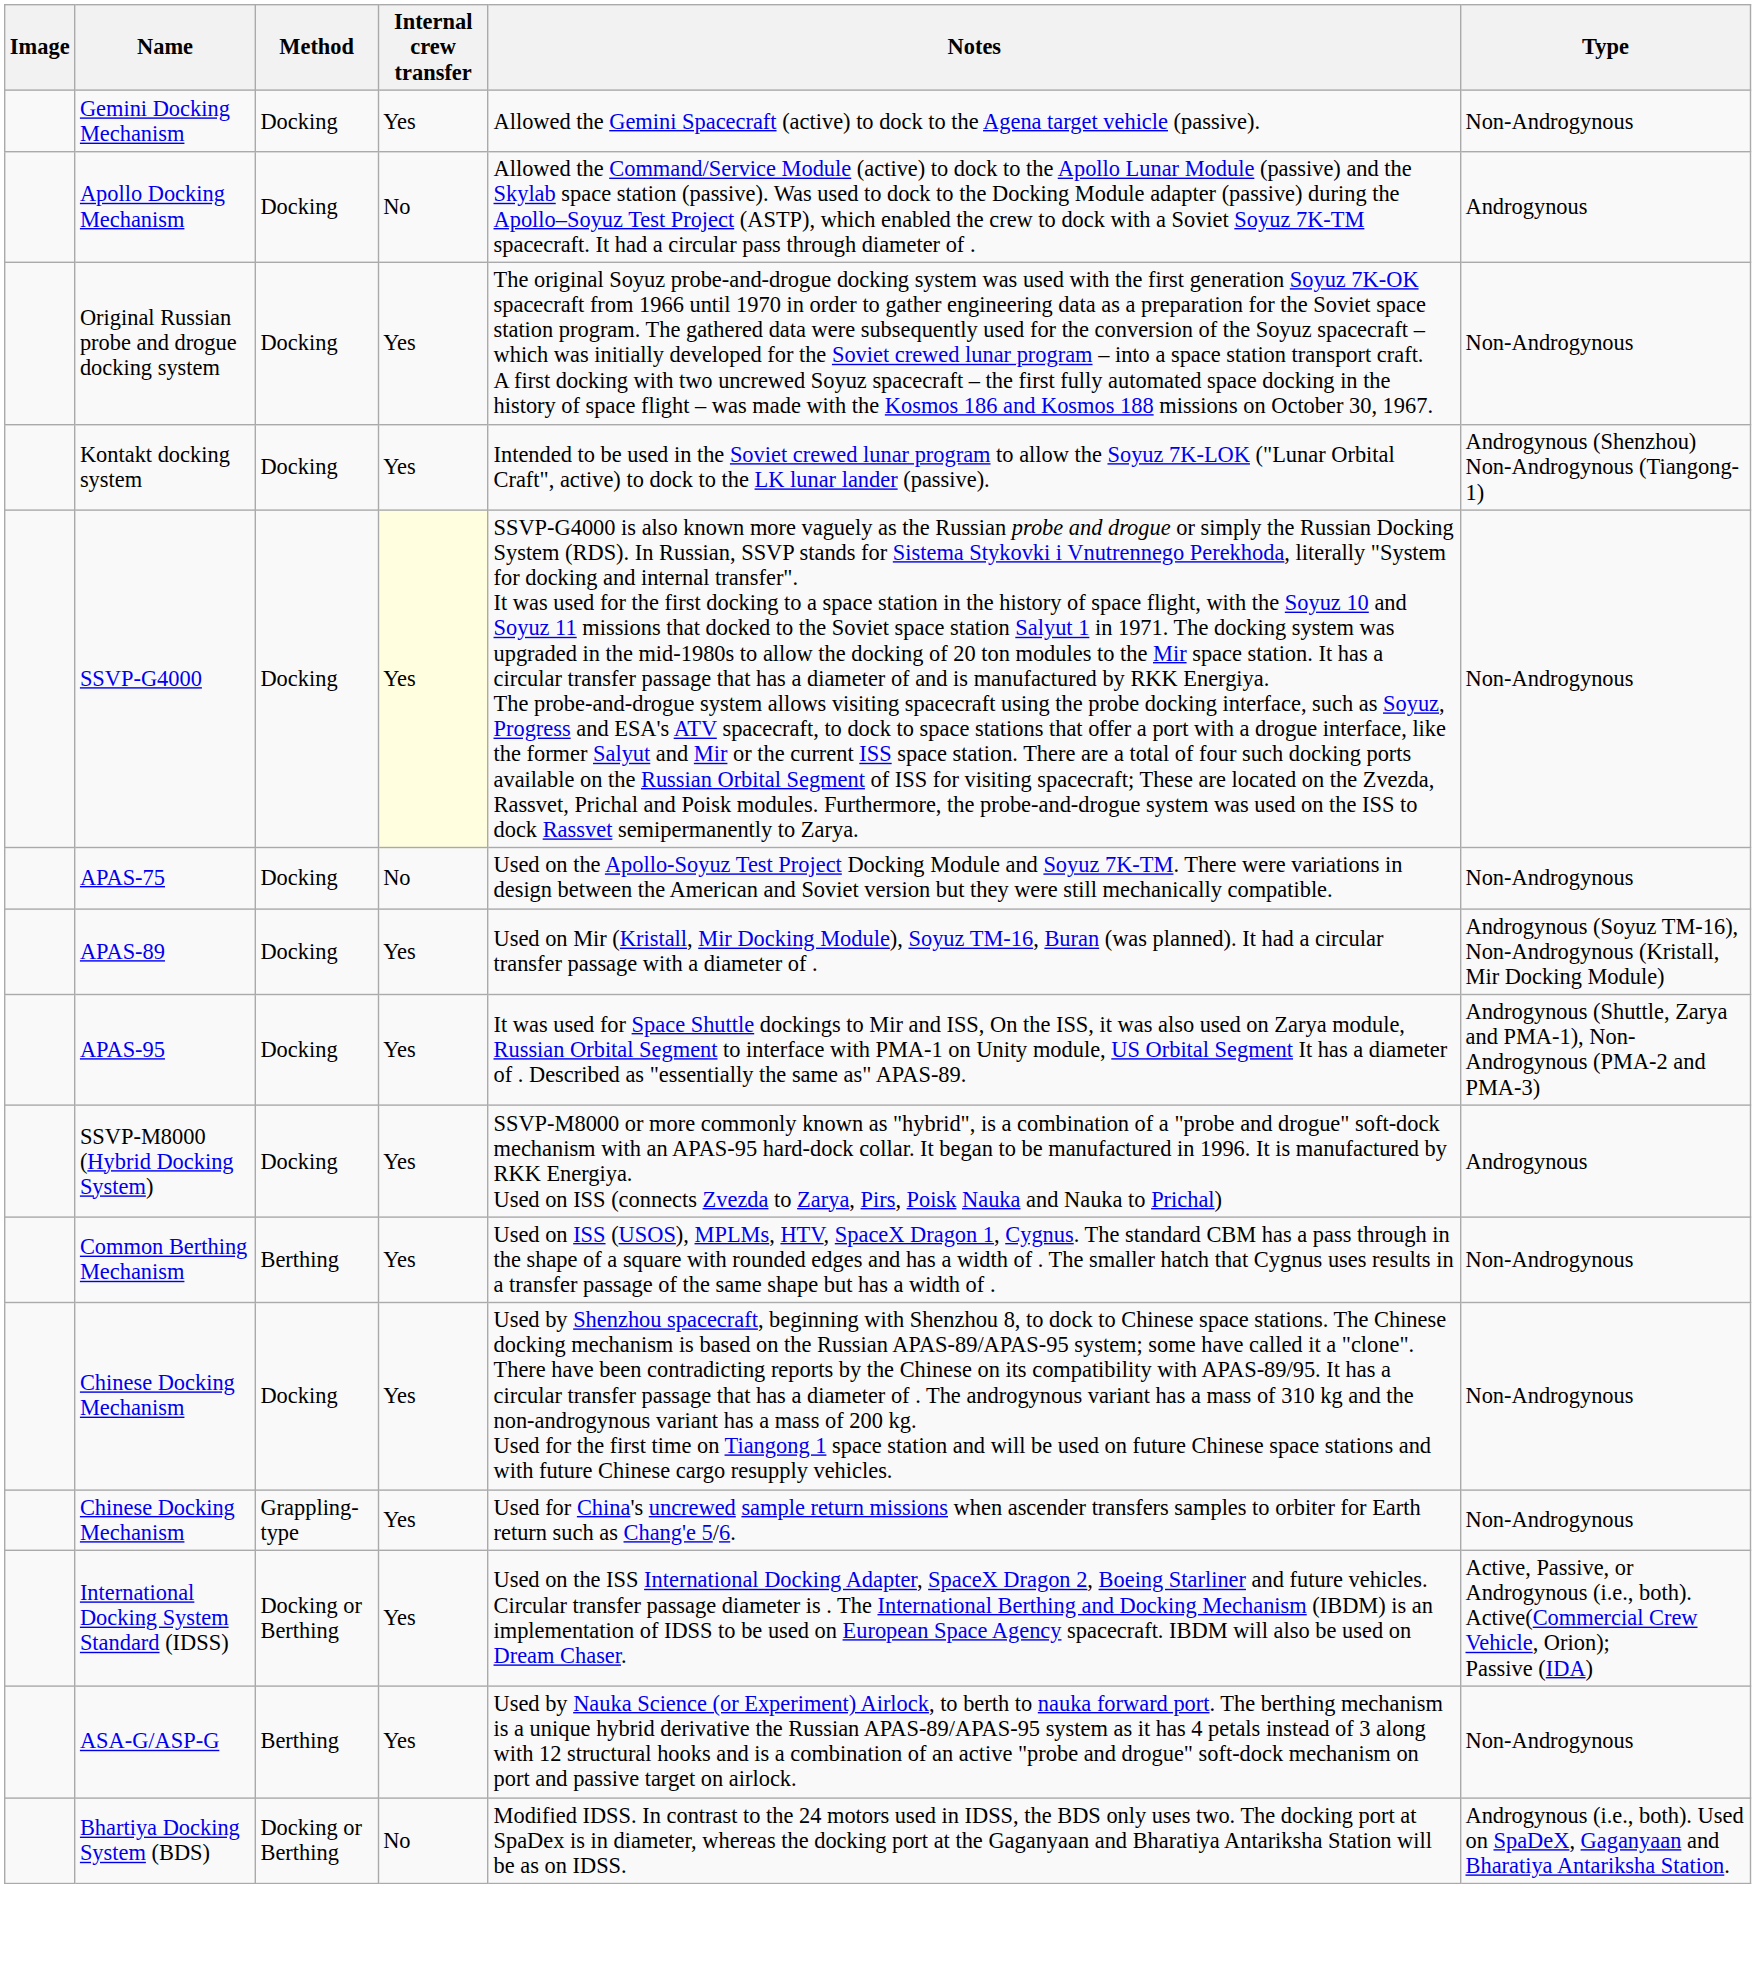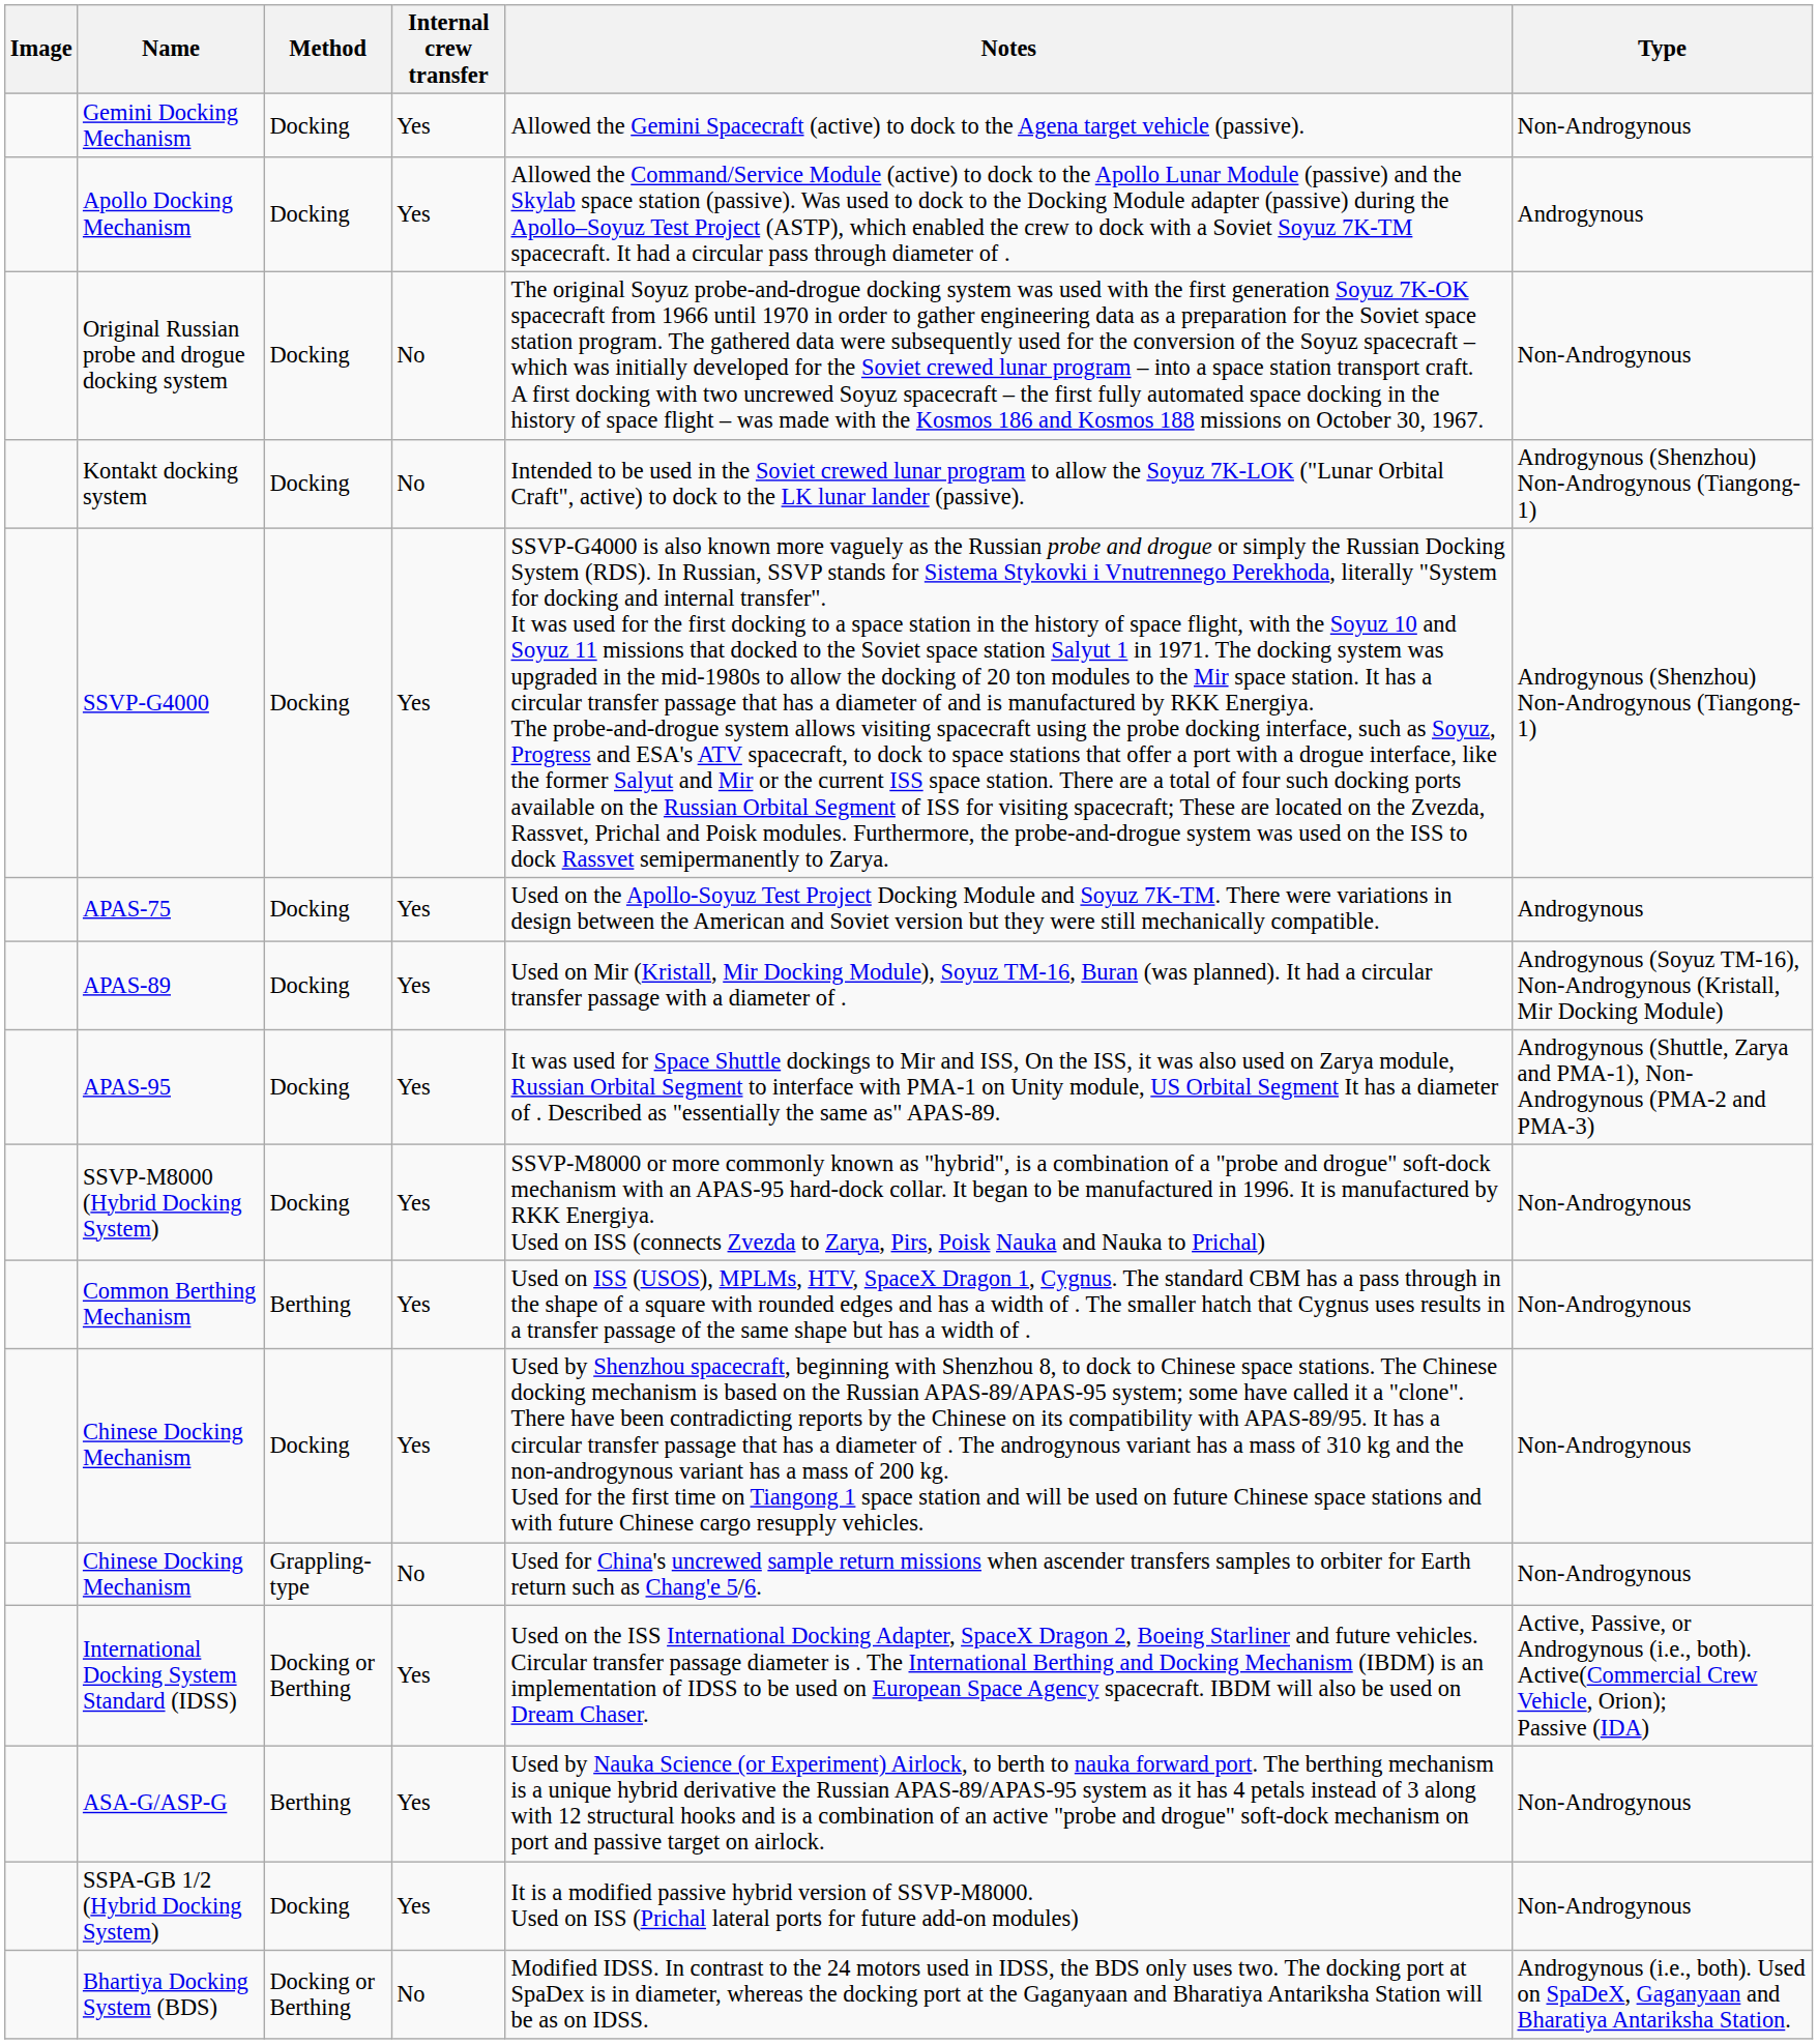 <table class="wikitable">
 <tr>
 <th>Image</th>
 <th>Name</th>
 <th>Method</th>
 <th>Internal crew transfer</th>
 <th>Notes</th>
 <th>Type</th>
 </tr>
 <tr>
 <td></td>
 <td><a href='#'>Gemini Docking Mechanism</a></td>
 <td>Docking</td>
 <td>Yes</td>
 <td>Allowed the <a href='#'>Gemini Spacecraft</a> (active) to dock to the <a href='#'>Agena target vehicle</a> (passive).</td>
 <td>Non-Androgynous</td>
 </tr>
 <tr>
 <td></td>
 <td><a href='#'>Apollo Docking Mechanism</a></td>
 <td>Docking</td>
-<td>No</td>
+<td>Yes</td>
 <td>Allowed the <a href='#'>Command/Service Module</a> (active) to dock to the <a href='#'>Apollo Lunar Module</a> (passive) and the <a href='#'>Skylab</a> space station (passive). Was used to dock to the Docking Module adapter (passive) during the <a href='#'>Apollo–Soyuz Test Project</a> (ASTP), which enabled the crew to dock with a Soviet <a href='#'>Soyuz 7K-TM</a> spacecraft. It had a circular pass through diameter of . </td>
 <td>Androgynous</td>
 </tr>
 <tr>
 <td></td>
 <td>Original Russian probe and drogue docking system</td>
 <td>Docking</td>
-<td>Yes</td>
+<td>No</td>
 <td>The original Soyuz probe-and-drogue docking system was used with the first generation <a href='#'>Soyuz 7K-OK</a> spacecraft from 1966  until 1970 in order to gather engineering data as a preparation for the Soviet space station program. The gathered data were subsequently used for the conversion of the Soyuz spacecraft – which was initially developed for the <a href='#'>Soviet crewed lunar program</a> – into a space station transport craft.<br>A first docking with two uncrewed Soyuz spacecraft – the first fully automated space docking in the history of space flight – was made with the <a href='#'>Kosmos 186 and Kosmos 188</a> missions on October 30, 1967.</td>
 <td>Non-Androgynous</td>
 </tr>
 <tr>
 <td></td>
 <td>Kontakt docking system</td>
 <td>Docking</td>
-<td>Yes</td>
+<td>No</td>
 <td>Intended to be used in the <a href='#'>Soviet crewed lunar program</a> to allow the <a href='#'>Soyuz 7K-LOK</a> ("Lunar Orbital Craft", active) to dock to the <a href='#'>LK lunar lander</a> (passive).</td>
 <td>Androgynous (Shenzhou)<br>Non-Androgynous (Tiangong-1)</td>
 </tr>
 <tr>
 <td></td>
 <td><a href='#'>SSVP-G4000</a></td>
 <td>Docking</td>
-<td style="background: lightyellow;">Yes</td>
+<td>Yes</td>
 <td>SSVP-G4000 is also known more vaguely as the Russian <em>probe and drogue</em> or simply the Russian Docking System (RDS). In Russian, SSVP stands for <a href='#'>Sistema Stykovki i Vnutrennego Perekhoda</a>, literally "System for docking and internal transfer".<br>It was used for the first docking to a space station in the history of space flight, with the <a href='#'>Soyuz 10</a> and <a href='#'>Soyuz 11</a> missions that docked to the Soviet space station <a href='#'>Salyut 1</a> in 1971. The docking system was upgraded in the mid-1980s to allow the docking of 20 ton modules to the <a href='#'>Mir</a> space station. It has a circular transfer passage that has a diameter of  and is manufactured by RKK Energiya.<br>The probe-and-drogue system allows visiting spacecraft using the probe docking interface, such as <a href='#'>Soyuz</a>, <a href='#'>Progress</a> and ESA's <a href='#'>ATV</a> spacecraft, to dock to space stations that offer a port with a drogue interface, like the former <a href='#'>Salyut</a> and <a href='#'>Mir</a> or the current <a href='#'>ISS</a> space station. There are a total of four such docking ports available on the <a href='#'>Russian Orbital Segment</a> of ISS for visiting spacecraft; These are located on the Zvezda, Rassvet, Prichal and Poisk modules. Furthermore, the probe-and-drogue system was used on the ISS to dock <a href='#'>Rassvet</a> semipermanently to Zarya.</td>
-<td>Non-Androgynous</td>
+<td>Androgynous (Shenzhou)<br>Non-Androgynous (Tiangong-1)</td>
 </tr>
 <tr>
 <td></td>
 <td><a href='#'>APAS-75</a></td>
 <td>Docking</td>
-<td>No</td>
+<td>Yes</td>
 <td>Used on the <a href='#'>Apollo-Soyuz Test Project</a> Docking Module and <a href='#'>Soyuz 7K-TM</a>. There were variations in design between the American and Soviet version but they were still mechanically compatible.</td>
-<td>Non-Androgynous</td>
+<td>Androgynous</td>
 </tr>
 <tr>
 <td></td>
 <td><a href='#'>APAS-89</a></td>
 <td>Docking</td>
 <td>Yes</td>
 <td>Used on Mir (<a href='#'>Kristall</a>, <a href='#'>Mir Docking Module</a>), <a href='#'>Soyuz TM-16</a>, <a href='#'>Buran</a> (was planned). It had a circular transfer passage with a diameter of .</td>
 <td>Androgynous (Soyuz TM-16), Non-Androgynous (Kristall, Mir Docking Module)</td>
 </tr>
 <tr>
 <td></td>
 <td><a href='#'>APAS-95</a></td>
 <td>Docking</td>
 <td>Yes</td>
 <td>It was used for <a href='#'>Space Shuttle</a> dockings to Mir and ISS, On the ISS, it was also used on Zarya module, <a href='#'>Russian Orbital Segment</a> to interface with PMA-1 on Unity module, <a href='#'>US Orbital Segment</a> It has a diameter of . Described as "essentially the same as" APAS-89.</td>
 <td>Androgynous (Shuttle, Zarya and PMA-1), Non-Androgynous (PMA-2 and PMA-3)</td>
 </tr>
 <tr>
 <td></td>
 <td>SSVP-M8000 (<a href='#'>Hybrid Docking System</a>)</td>
 <td>Docking</td>
 <td>Yes</td>
 <td>SSVP-M8000 or more commonly known as "hybrid", is a combination of a "probe and drogue" soft-dock mechanism with an APAS-95 hard-dock collar. It began to be manufactured in 1996. It is manufactured by RKK Energiya. <br>Used on ISS (connects <a href='#'>Zvezda</a> to <a href='#'>Zarya</a>, <a href='#'>Pirs</a>, <a href='#'>Poisk</a> <a href='#'>Nauka</a> and Nauka to <a href='#'>Prichal</a>)</td>
-<td>Androgynous</td>
+<td>Non-Androgynous</td>
 </tr>
 <tr>
 <td></td>
 <td><a href='#'>Common Berthing Mechanism</a></td>
 <td>Berthing</td>
 <td>Yes</td>
 <td>Used on <a href='#'>ISS</a> (<a href='#'>USOS</a>), <a href='#'>MPLMs</a>, <a href='#'>HTV</a>, <a href='#'>SpaceX Dragon 1</a>, <a href='#'>Cygnus</a>. The standard CBM has a pass through in the shape of a square with rounded edges and has a width of . The smaller hatch that Cygnus uses results in a transfer passage of the same shape but has a width of .</td>
 <td>Non-Androgynous</td>
 </tr>
 <tr>
 <td></td>
 <td><a href='#'>Chinese Docking Mechanism</a></td>
 <td>Docking</td>
 <td>Yes</td>
 <td>Used by <a href='#'>Shenzhou spacecraft</a>, beginning with Shenzhou 8, to dock to Chinese space stations. The Chinese docking mechanism is based on the Russian APAS-89/APAS-95 system; some have called it a "clone". There have been contradicting reports by the Chinese on its compatibility with APAS-89/95. It has a circular transfer passage that has a diameter of . The androgynous variant has a mass of 310 kg and the non-androgynous variant has a mass of 200 kg.<br>Used for the first time on <a href='#'>Tiangong 1</a> space station and will be used on future Chinese space stations and with future Chinese cargo resupply vehicles.</td>
 <td>Non-Androgynous</td>
 </tr>
 <tr>
 <td></td>
 <td><a href='#'>Chinese Docking Mechanism</a></td>
 <td>Grappling-type</td>
-<td>Yes</td>
+<td>No</td>
 <td>Used for <a href='#'>China</a>'s <a href='#'>uncrewed</a> <a href='#'>sample return missions</a> when ascender transfers samples to orbiter for Earth return such as <a href='#'>Chang'e 5</a>/<a href='#'>6</a>.</td>
 <td>Non-Androgynous</td>
 </tr>
 <tr>
 <td></td>
 <td><a href='#'>International Docking System Standard</a> (IDSS)</td>
 <td>Docking or Berthing</td>
 <td>Yes</td>
 <td>Used on the ISS <a href='#'>International Docking Adapter</a>, <a href='#'>SpaceX Dragon 2</a>, <a href='#'>Boeing Starliner</a> and future vehicles. Circular transfer passage diameter is . The <a href='#'>International Berthing and Docking Mechanism</a> (IBDM) is an implementation of IDSS to be used on <a href='#'>European Space Agency</a> spacecraft. IBDM will also be used on <a href='#'>Dream Chaser</a>.</td>
 <td>Active, Passive, or Androgynous (i.e., both). Active(<a href='#'>Commercial Crew Vehicle</a>, Orion);<br>Passive (<a href='#'>IDA</a>)</td>
 </tr>
 <tr>
 <td><br></td>
 <td><a href='#'>ASA-G/ASP-G</a></td>
 <td>Berthing</td>
 <td>Yes</td>
 <td>Used by <a href='#'>Nauka Science (or Experiment) Airlock</a>, to berth to <a href='#'>nauka forward port</a>. The berthing mechanism is a unique hybrid derivative the Russian APAS-89/APAS-95 system as it has 4 petals instead of 3 along with 12 structural hooks and is a combination of an active "probe and drogue" soft-dock mechanism on port and passive target on airlock.</td>
 <td>Non-Androgynous</td>
 </tr>
 <tr>
 <td></td>
+<td>SSPA-GB 1/2 (<a href='#'>Hybrid Docking System</a>)</td>
+<td>Docking</td>
+<td>Yes</td>
+<td>It is a modified passive hybrid version of SSVP-M8000.<br>Used on ISS (<a href='#'>Prichal</a> lateral ports for future add-on modules)</td>
+<td>Non-Androgynous</td>
+</tr>
+<tr>
+<td></td>
 <td><a href='#'>Bhartiya Docking System</a> (BDS)</td>
 <td>Docking or Berthing</td>
 <td>No</td>
 <td>Modified IDSS. In contrast to the 24 motors used in IDSS, the BDS only uses two. The docking port at SpaDex is  in diameter, whereas the docking port at the Gaganyaan and Bharatiya Antariksha Station will be  as on IDSS.</td>
 <td>Androgynous (i.e., both). Used on <a href='#'>SpaDeX</a>, <a href='#'>Gaganyaan</a> and <a href='#'>Bharatiya Antariksha Station</a>.</td>
 </tr>
 </table>
